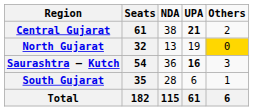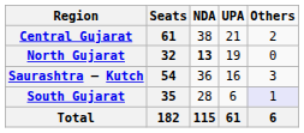 <table class="wikitable sortable" style="text-align:center;">
 <tr>
 <th>Region</th>
 <th>Seats</th>
 <td><span><strong>NDA</strong></span></td>
 <td><span><strong>UPA</strong></span></td>
 <td><span><strong>Others</strong></span></td>
 </tr>
 <tr>
 <th><a href='#'>Central Gujarat</a></th>
 <th>61</th>
 <td style="background:">38</td>
-<td><strong>21</strong></td>
+<td>21</td>
 <td>2</td>
 </tr>
 <tr>
 <th><a href='#'>North Gujarat</a></th>
 <th>32</th>
-<td>13</td>
+<td><strong>13</strong></td>
 <td style="background:">19</td>
-<td style="background: gold;">0</td>
+<td>0</td>
 </tr>
 <tr>
 <th><a href='#'>Saurashtra</a> <strong>–</strong> <a href='#'>Kutch</a></th>
 <th>54</th>
 <td style="background:">36</td>
-<td><strong>16</strong></td>
+<td>16</td>
 <td>3</td>
 </tr>
 <tr>
 <th><a href='#'>South Gujarat</a></th>
 <th>35</th>
 <td style="background:">28</td>
 <td>6</td>
-<td>1</td>
+<td style="background: lavender;">1</td>
 </tr>
 <tr>
 <th>Total</th>
 <th>182</th>
 <th>115</th>
 <th>61</th>
 <th>6</th>
 </tr>
 </table>
